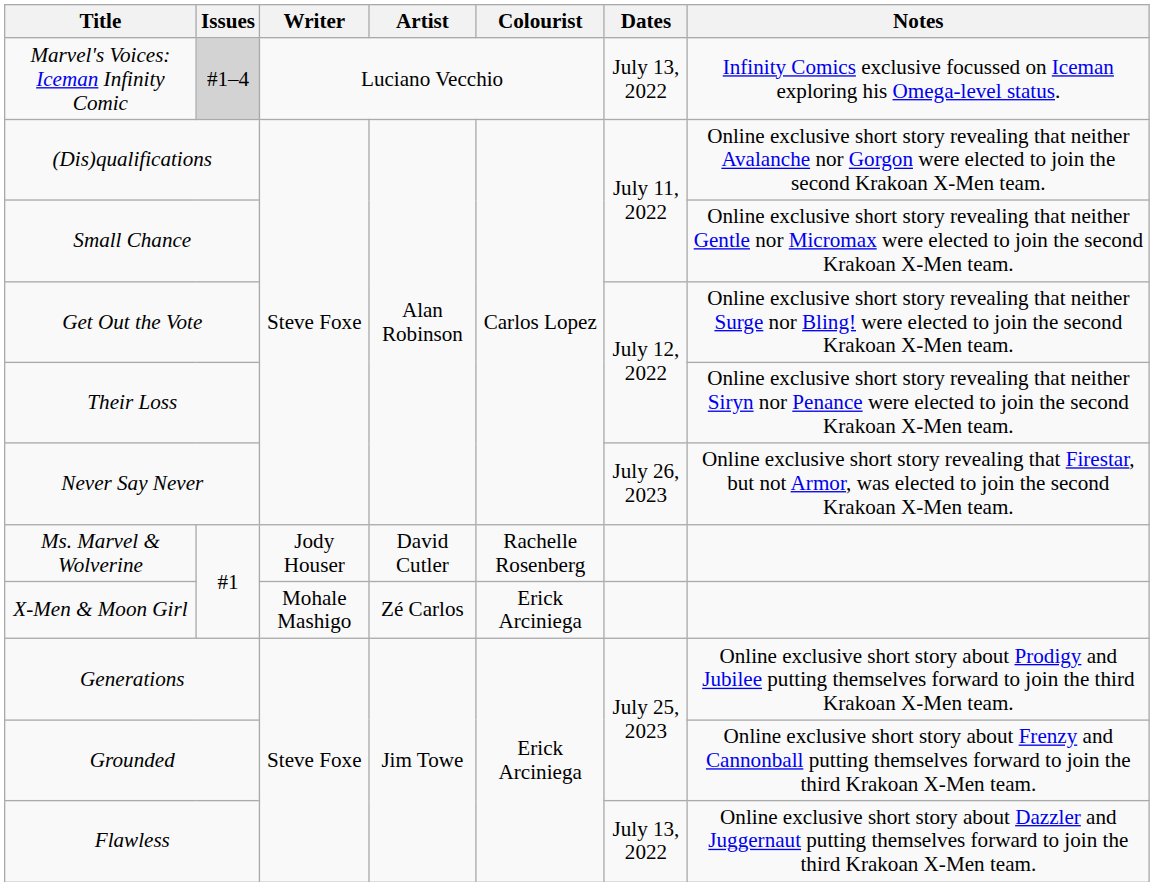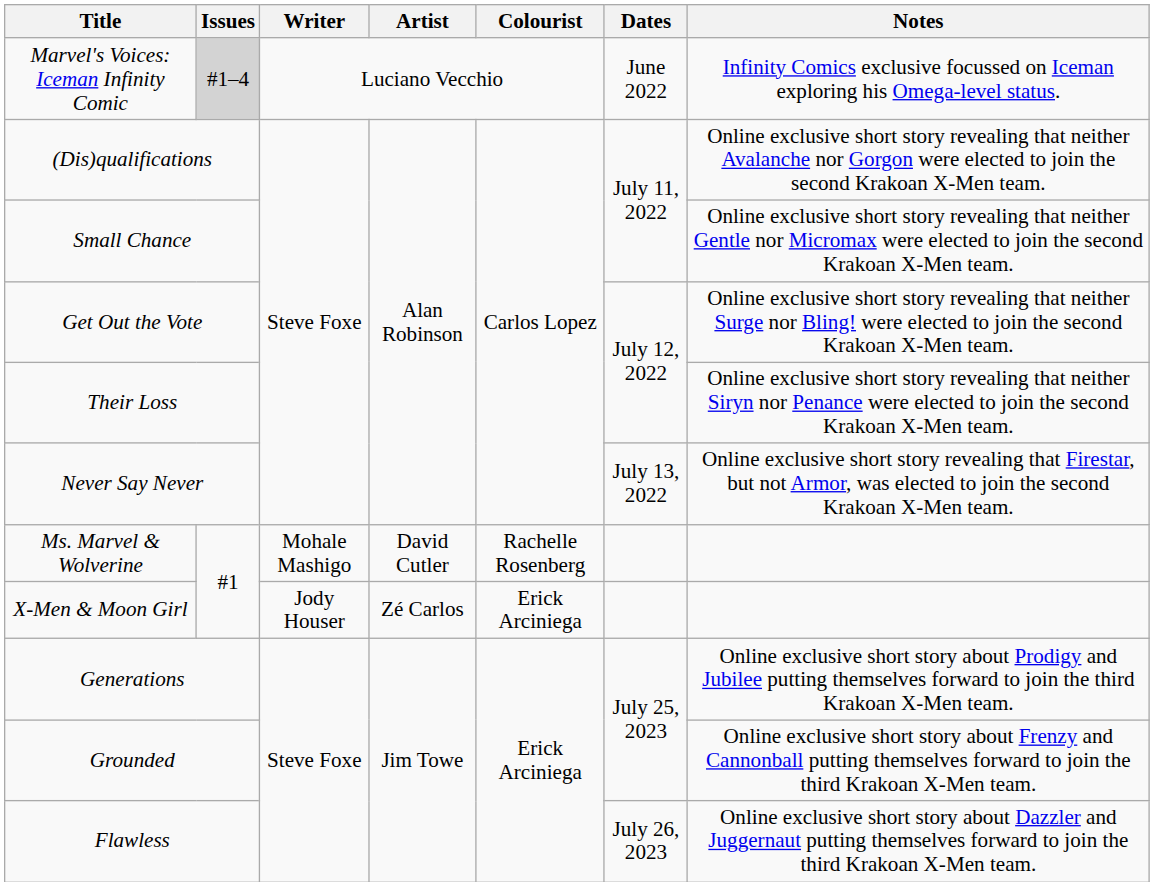 <table class="wikitable" style="text-align:center;">
 <tr>
 <th scope="col">Title</th>
 <th scope="col">Issues</th>
 <th scope="col">Writer</th>
 <th scope="col">Artist</th>
 <th scope="col">Colourist</th>
 <th scope="col">Dates</th>
 <th scope="col">Notes</th>
 </tr>
 <tr>
 <td><em>Marvel's Voices: <a href='#'>Iceman</a> Infinity Comic</em></td>
 <td style="background: lightgrey;">#1–4</td>
 <td colspan="3">Luciano Vecchio</td>
-<td>July 13, 2022</td>
+<td>June 2022</td>
 <td><a href='#'>Infinity Comics</a> exclusive focussed on <a href='#'>Iceman</a> exploring his <a href='#'>Omega-level status</a>.</td>
 </tr>
 <tr>
 <td colspan="2"><em>(Dis)qualifications</em></td>
 <td rowspan="5">Steve Foxe</td>
 <td rowspan="5">Alan Robinson</td>
 <td rowspan="5">Carlos Lopez</td>
 <td rowspan="2">July 11, 2022</td>
 <td>Online exclusive short story revealing that neither <a href='#'>Avalanche</a> nor <a href='#'>Gorgon</a> were elected to join the second Krakoan X-Men team.</td>
 </tr>
 <tr>
 <td colspan="2"><em>Small Chance</em></td>
 <td>Online exclusive short story revealing that neither <a href='#'>Gentle</a> nor <a href='#'>Micromax</a> were elected to join the second Krakoan X-Men team.</td>
 </tr>
 <tr>
 <td colspan="2"><em>Get Out the Vote</em></td>
 <td rowspan="2">July 12, 2022</td>
 <td>Online exclusive short story revealing that neither <a href='#'>Surge</a> nor <a href='#'>Bling!</a> were elected to join the second Krakoan X-Men team.</td>
 </tr>
 <tr>
 <td colspan="2"><em>Their Loss</em></td>
 <td>Online exclusive short story revealing that neither <a href='#'>Siryn</a> nor <a href='#'>Penance</a> were elected to join the second Krakoan X-Men team.</td>
 </tr>
 <tr>
 <td colspan="2"><em>Never Say Never</em></td>
-<td>July 26, 2023</td>
+<td>July 13, 2022</td>
 <td>Online exclusive short story revealing that <a href='#'>Firestar</a>, but not <a href='#'>Armor</a>, was elected to join the second Krakoan X-Men team.</td>
 </tr>
 <tr>
 <td><em>Ms. Marvel & Wolverine</em></td>
 <td rowspan="2">#1</td>
-<td>Jody Houser</td>
+<td>Mohale Mashigo</td>
 <td>David Cutler</td>
 <td>Rachelle Rosenberg</td>
 <td></td>
 <td></td>
 </tr>
 <tr>
 <td><em>X-Men & Moon Girl</em></td>
-<td>Mohale Mashigo</td>
+<td>Jody Houser</td>
 <td>Zé Carlos</td>
 <td>Erick Arciniega</td>
 <td></td>
 <td></td>
 </tr>
 <tr>
 <td colspan="2"><em>Generations</em></td>
 <td rowspan="3">Steve Foxe</td>
 <td rowspan="3">Jim Towe</td>
 <td rowspan="3">Erick Arciniega</td>
 <td rowspan="2">July 25, 2023</td>
 <td>Online exclusive short story about <a href='#'>Prodigy</a> and <a href='#'>Jubilee</a> putting themselves forward to join the third Krakoan X-Men team.</td>
 </tr>
 <tr>
 <td colspan="2"><em>Grounded</em></td>
 <td>Online exclusive short story about <a href='#'>Frenzy</a> and <a href='#'>Cannonball</a> putting themselves forward to join the third Krakoan X-Men team.</td>
 </tr>
 <tr>
 <td colspan="2"><em>Flawless</em></td>
-<td>July 13, 2022</td>
+<td>July 26, 2023</td>
 <td>Online exclusive short story about <a href='#'>Dazzler</a> and <a href='#'>Juggernaut</a> putting themselves forward to join the third Krakoan X-Men team.</td>
 </tr>
 <tr>
 </tr>
 </table>
